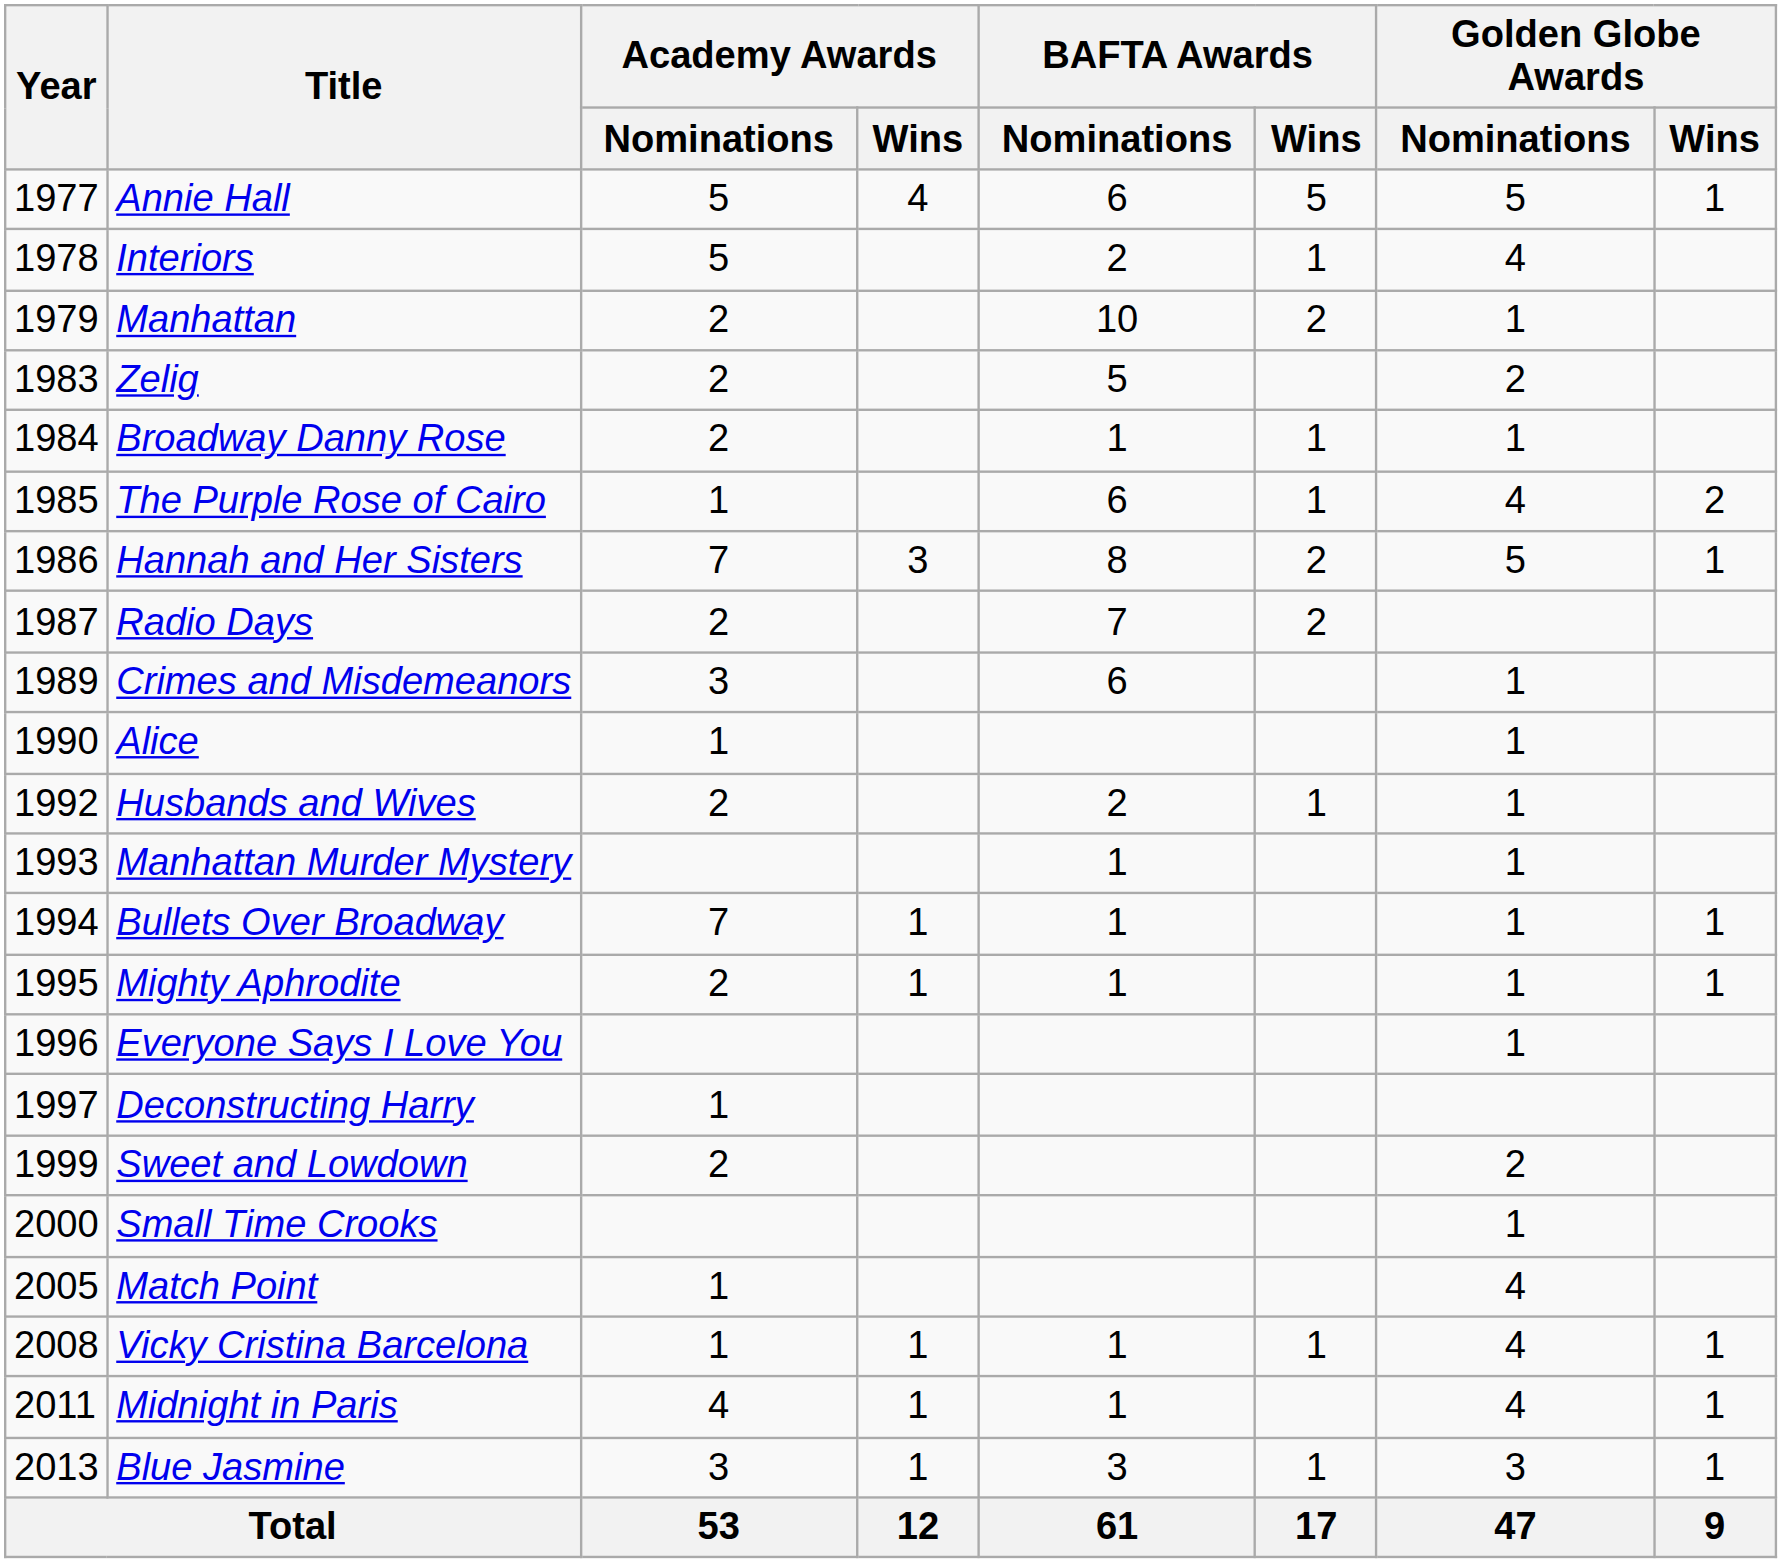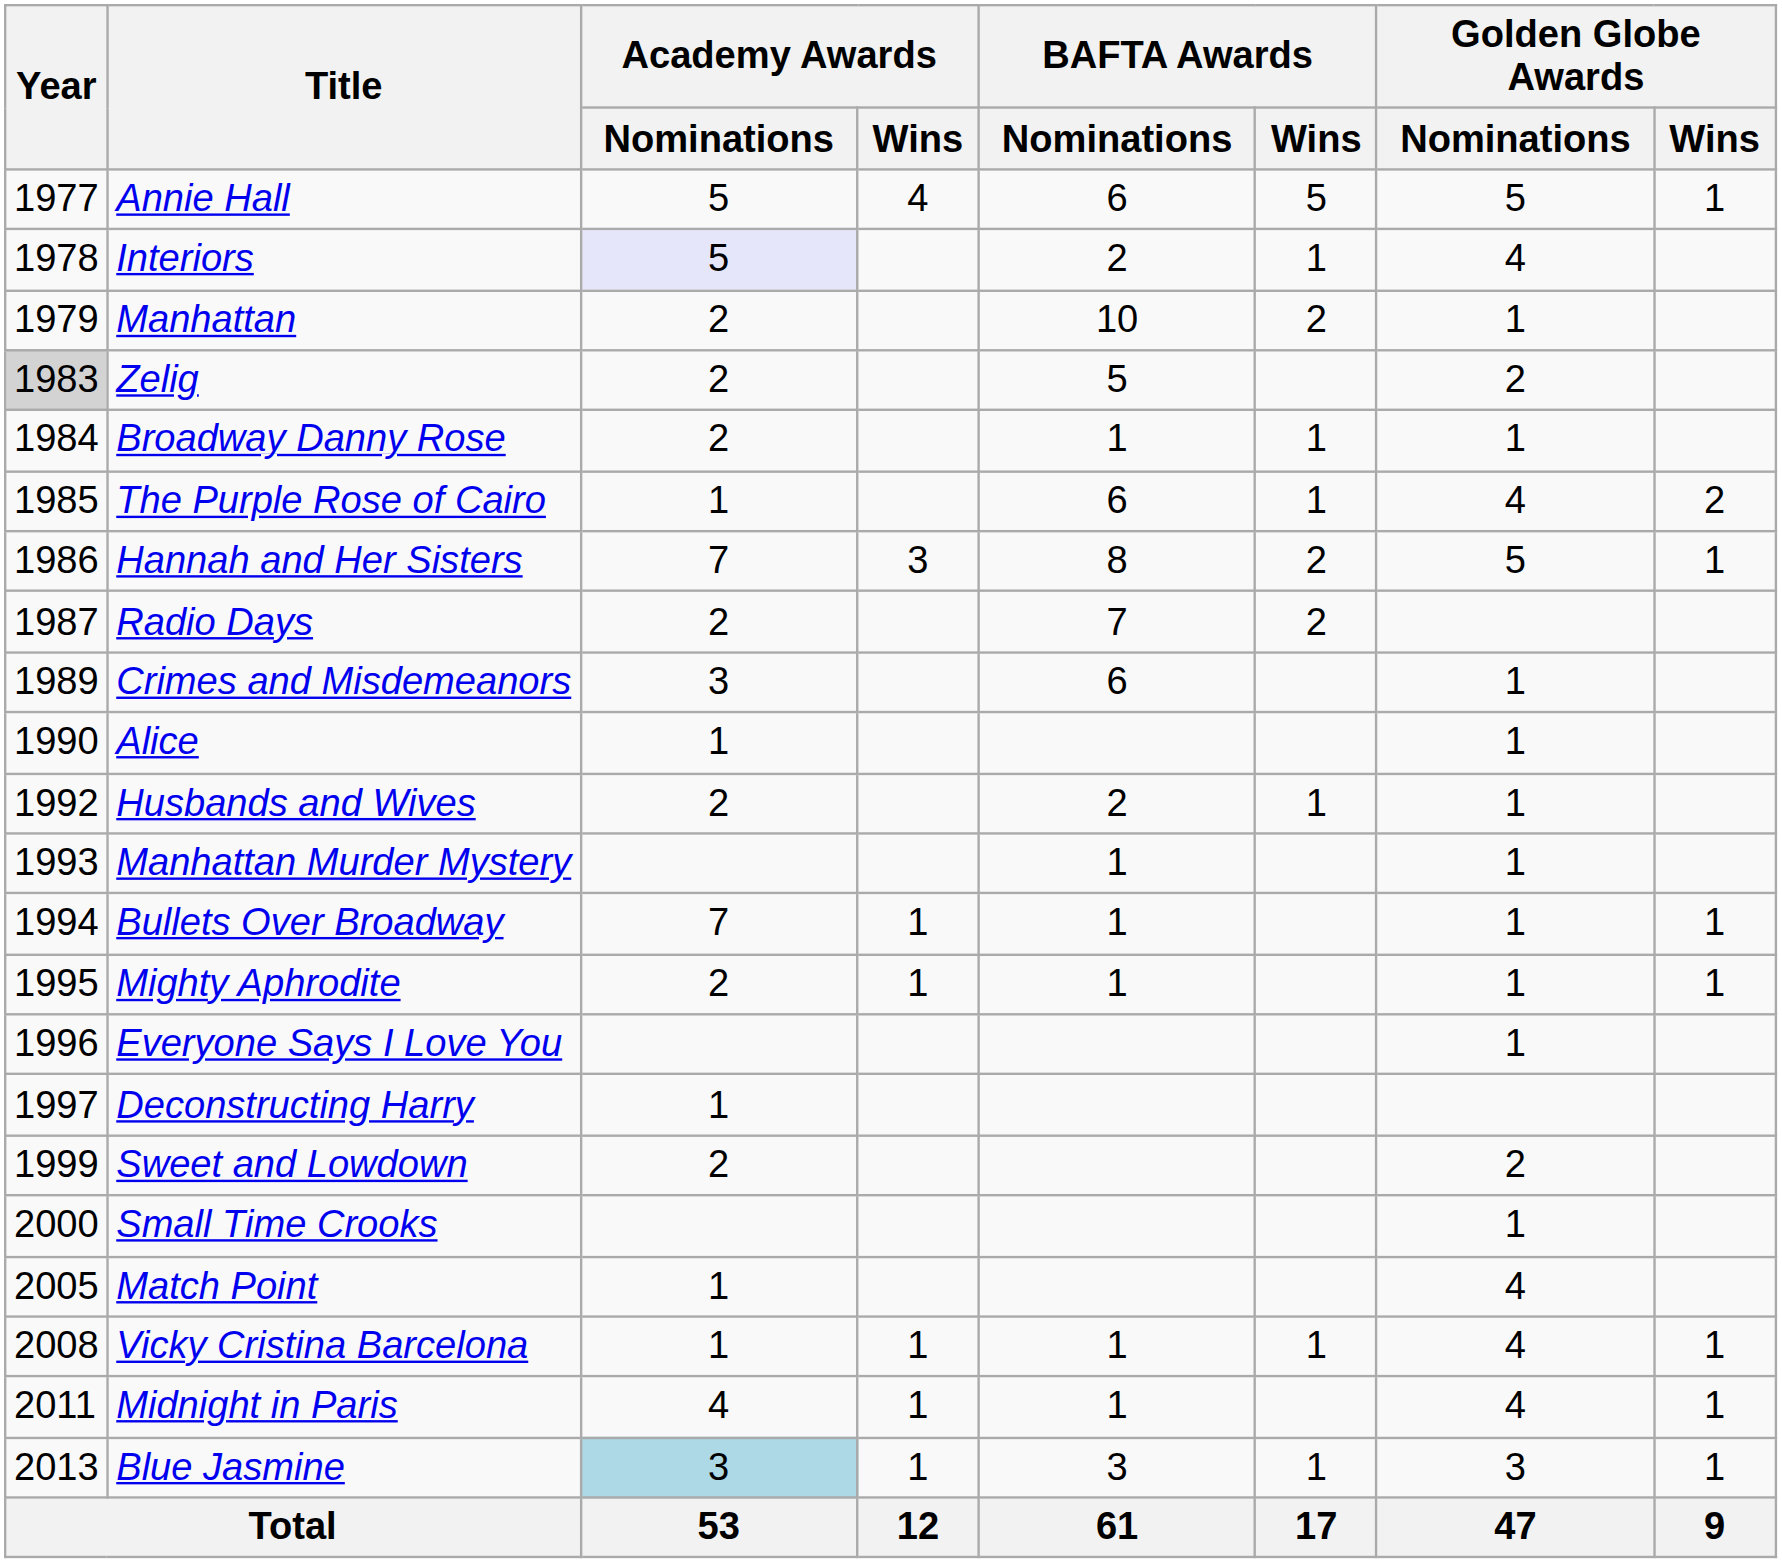 <table class="wikitable">
 <tr>
 <th rowspan="2">Year</th>
 <th rowspan="2">Title</th>
 <th colspan="2" style="text-align:center;" width=160>Academy Awards</th>
 <th colspan="2" style="text-align:center;" width=160>BAFTA Awards</th>
 <th colspan="2" style="text-align:center;" width=160>Golden Globe Awards</th>
 </tr>
 <tr>
 <th>Nominations</th>
 <th>Wins</th>
 <th>Nominations</th>
 <th>Wins</th>
 <th>Nominations</th>
 <th>Wins</th>
 </tr>
 <tr>
 <td>1977</td>
 <td><em><a href='#'>Annie Hall</a></em></td>
 <td align="center">5</td>
 <td align="center">4</td>
 <td align="center">6</td>
 <td align="center">5</td>
 <td align="center">5</td>
 <td align="center">1</td>
 </tr>
 <tr>
 <td>1978</td>
 <td><em><a href='#'>Interiors</a></em></td>
-<td align="center">5</td>
+<td align="center" style="background: lavender;">5</td>
 <td></td>
 <td align="center">2</td>
 <td align="center">1</td>
 <td align="center">4</td>
 <td></td>
 </tr>
 <tr>
 <td>1979</td>
 <td><em><a href='#'>Manhattan</a></em></td>
 <td align="center">2</td>
 <td></td>
 <td align="center">10</td>
 <td align="center">2</td>
 <td align="center">1</td>
 <td></td>
 </tr>
 <tr>
-<td>1983</td>
+<td style="background: lightgrey;">1983</td>
 <td><em><a href='#'>Zelig</a></em></td>
 <td align="center">2</td>
 <td></td>
 <td align="center">5</td>
 <td></td>
 <td align="center">2</td>
 <td></td>
 </tr>
 <tr>
 <td>1984</td>
 <td><em><a href='#'>Broadway Danny Rose</a></em></td>
 <td align="center">2</td>
 <td></td>
 <td align="center">1</td>
 <td align="center">1</td>
 <td align="center">1</td>
 <td></td>
 </tr>
 <tr>
 <td>1985</td>
 <td><em><a href='#'>The Purple Rose of Cairo</a></em></td>
 <td align="center">1</td>
 <td></td>
 <td align="center">6</td>
 <td align="center">1</td>
 <td align="center">4</td>
 <td align="center">2</td>
 </tr>
 <tr>
 <td>1986</td>
 <td><em><a href='#'>Hannah and Her Sisters</a></em></td>
 <td align="center">7</td>
 <td align="center">3</td>
 <td align="center">8</td>
 <td align="center">2</td>
 <td align="center">5</td>
 <td align="center">1</td>
 </tr>
 <tr>
 <td>1987</td>
 <td><em><a href='#'>Radio Days</a></em></td>
 <td align="center">2</td>
 <td></td>
 <td align="center">7</td>
 <td align="center">2</td>
 <td></td>
 <td></td>
 </tr>
 <tr>
 <td>1989</td>
 <td><em><a href='#'>Crimes and Misdemeanors</a></em></td>
 <td align="center">3</td>
 <td></td>
 <td align="center">6</td>
 <td></td>
 <td align="center">1</td>
 <td></td>
 </tr>
 <tr>
 <td>1990</td>
 <td><em><a href='#'>Alice</a></em></td>
 <td align="center">1</td>
 <td></td>
 <td></td>
 <td></td>
 <td align="center">1</td>
 <td></td>
 </tr>
 <tr>
 <td>1992</td>
 <td><em><a href='#'>Husbands and Wives</a></em></td>
 <td align="center">2</td>
 <td></td>
 <td align="center">2</td>
 <td align="center">1</td>
 <td align="center">1</td>
 <td></td>
 </tr>
 <tr>
 <td>1993</td>
 <td><em><a href='#'>Manhattan Murder Mystery</a></em></td>
 <td></td>
 <td></td>
 <td align="center">1</td>
 <td></td>
 <td align="center">1</td>
 <td></td>
 </tr>
 <tr>
 <td>1994</td>
 <td><em><a href='#'>Bullets Over Broadway</a></em></td>
 <td align="center">7</td>
 <td align="center">1</td>
 <td align="center">1</td>
 <td></td>
 <td align="center">1</td>
 <td align="center">1</td>
 </tr>
 <tr>
 <td>1995</td>
 <td><em><a href='#'>Mighty Aphrodite</a></em></td>
 <td align="center">2</td>
 <td align="center">1</td>
 <td align="center">1</td>
 <td></td>
 <td align="center">1</td>
 <td align="center">1</td>
 </tr>
 <tr>
 <td>1996</td>
 <td><em><a href='#'>Everyone Says I Love You</a></em></td>
 <td></td>
 <td></td>
 <td></td>
 <td></td>
 <td align="center">1</td>
 <td></td>
 </tr>
 <tr>
 <td>1997</td>
 <td><em><a href='#'>Deconstructing Harry</a></em></td>
 <td align="center">1</td>
 <td></td>
 <td></td>
 <td></td>
 <td></td>
 <td></td>
 </tr>
 <tr>
 <td>1999</td>
 <td><em><a href='#'>Sweet and Lowdown</a></em></td>
 <td align="center">2</td>
 <td></td>
 <td></td>
 <td></td>
 <td align="center">2</td>
 <td></td>
 </tr>
 <tr>
 <td>2000</td>
 <td><em><a href='#'>Small Time Crooks</a></em></td>
 <td></td>
 <td></td>
 <td></td>
 <td></td>
 <td align="center">1</td>
 <td></td>
 </tr>
 <tr>
 <td>2005</td>
 <td><em><a href='#'>Match Point</a></em></td>
 <td align="center">1</td>
 <td></td>
 <td></td>
 <td></td>
 <td align="center">4</td>
 <td></td>
 </tr>
 <tr>
 <td>2008</td>
 <td><em><a href='#'>Vicky Cristina Barcelona</a></em></td>
 <td align="center">1</td>
 <td align="center">1</td>
 <td align="center">1</td>
 <td align="center">1</td>
 <td align="center">4</td>
 <td align="center">1</td>
 </tr>
 <tr>
 <td>2011</td>
 <td><em><a href='#'>Midnight in Paris</a></em></td>
 <td align="center">4</td>
 <td align="center">1</td>
 <td align="center">1</td>
 <td></td>
 <td align="center">4</td>
 <td align="center">1</td>
 </tr>
 <tr>
 <td>2013</td>
 <td><em><a href='#'>Blue Jasmine</a></em></td>
-<td align="center">3</td>
+<td align="center" style="background: lightblue;">3</td>
 <td align="center">1</td>
 <td align="center">3</td>
 <td align="center">1</td>
 <td align="center">3</td>
 <td align="center">1</td>
 </tr>
 <tr>
 <th colspan="2">Total</th>
 <th align="center">53</th>
 <th align="center">12</th>
 <th align="center">61</th>
 <th align="center">17</th>
 <th align="center">47</th>
 <th align="center">9</th>
 </tr>
 </table>
